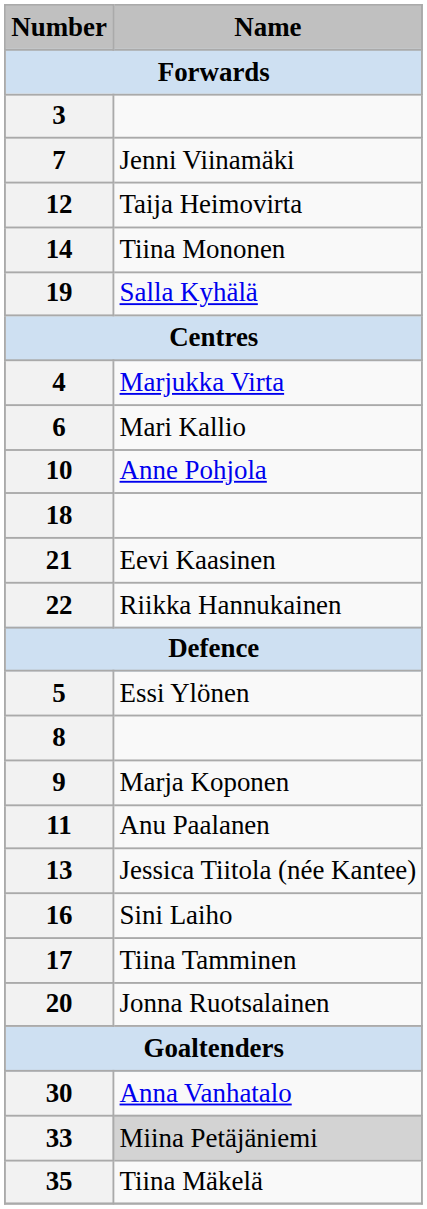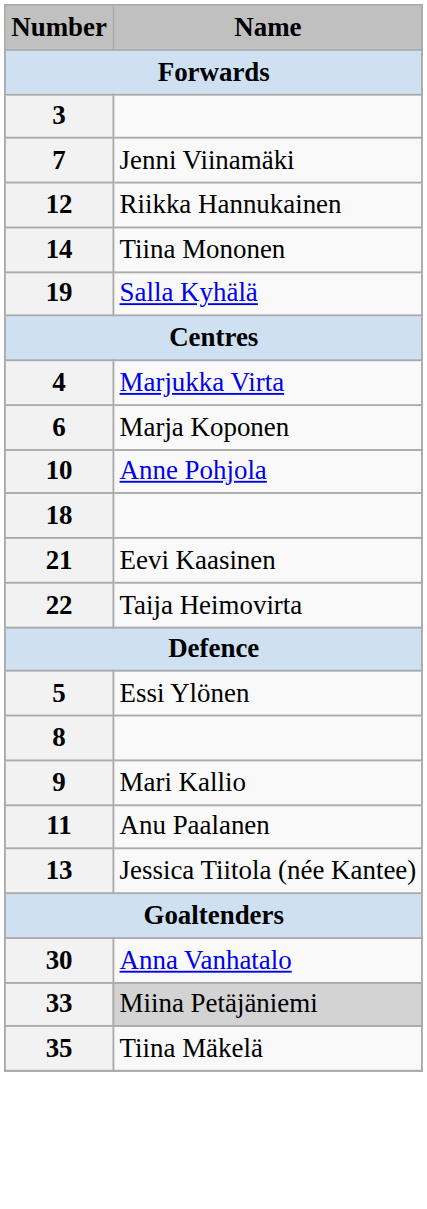 <table class="wikitable" style="text-align:left; font-size:90%;">
 <tr>
 <th style="background:silver;">Number</th>
 <th style="background:silver;">Name</th>
 </tr>
 <tr>
 <th style=background:#CEE0F2 colspan=2><span>Forwards</span></th>
 </tr>
 <tr>
 <th>3</th>
 <td></td>
 </tr>
 <tr>
 <th>7</th>
 <td>Jenni Viinamäki</td>
 </tr>
 <tr>
 <th>12</th>
-<td>Taija Heimovirta</td>
+<td>Riikka Hannukainen</td>
 </tr>
 <tr>
 <th>14</th>
 <td>Tiina Mononen</td>
 </tr>
 <tr>
 <th>19</th>
 <td><a href='#'>Salla Kyhälä</a></td>
 </tr>
 <tr>
 <th style=background:#CEE0F2 colspan=2><span>Centres</span></th>
 </tr>
 <tr>
 <th>4</th>
 <td><a href='#'>Marjukka Virta</a></td>
 </tr>
 <tr>
 <th>6</th>
-<td>Mari Kallio</td>
+<td>Marja Koponen</td>
 </tr>
 <tr>
 <th>10</th>
 <td><a href='#'>Anne Pohjola</a></td>
 </tr>
 <tr>
 <th>18</th>
 <td></td>
 </tr>
 <tr>
 <th>21</th>
 <td>Eevi Kaasinen</td>
 </tr>
 <tr>
 <th>22</th>
-<td>Riikka Hannukainen</td>
+<td>Taija Heimovirta</td>
 </tr>
 <tr>
 <th style=background:#CEE0F2 colspan=2><span>Defence</span></th>
 </tr>
 <tr>
 <th>5</th>
 <td>Essi Ylönen</td>
 </tr>
 <tr>
 <th>8</th>
 <td></td>
 </tr>
 <tr>
 <th>9</th>
-<td>Marja Koponen</td>
+<td>Mari Kallio</td>
 </tr>
 <tr>
 <th>11</th>
 <td>Anu Paalanen</td>
 </tr>
 <tr>
 <th>13</th>
 <td>Jessica Tiitola (née Kantee)</td>
-</tr>
-<tr>
-<th>16</th>
-<td>Sini Laiho</td>
-</tr>
-<tr>
-<th>17</th>
-<td>Tiina Tamminen</td>
-</tr>
-<tr>
-<th>20</th>
-<td>Jonna Ruotsalainen</td>
 </tr>
 <tr>
 <th style=background:#CEE0F2 colspan=2><span>Goaltenders</span></th>
 </tr>
 <tr>
 <th>30</th>
 <td><a href='#'>Anna Vanhatalo</a></td>
 </tr>
 <tr>
 <th>33</th>
 <td style="background: lightgrey;">Miina Petäjäniemi</td>
 </tr>
 <tr>
 <th>35</th>
 <td>Tiina Mäkelä</td>
 </tr>
 <tr>
 </tr>
 </table>
